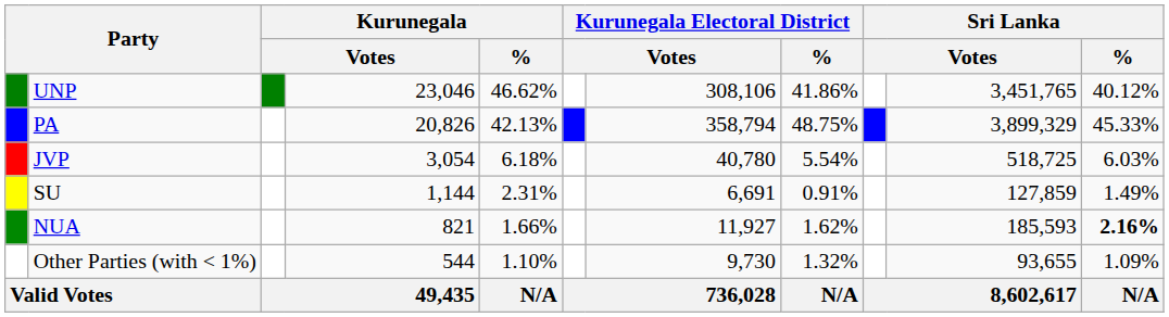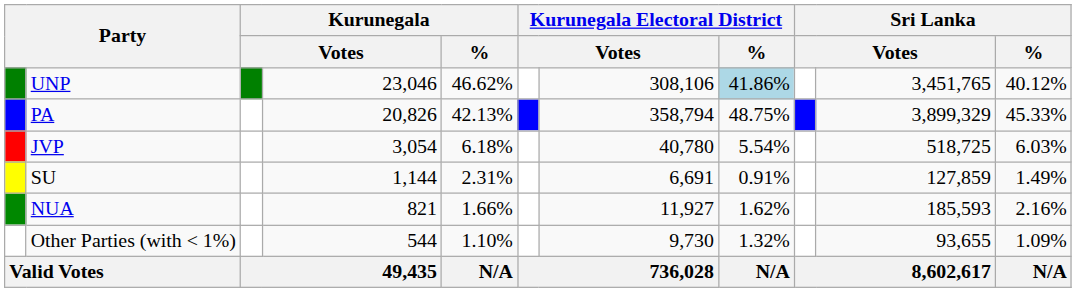 <table class="wikitable">
 <tr>
 <th colspan="2" width="144px"rowspan="2">Party</th>
 <th colspan="3" width="216px">Kurunegala</th>
 <th colspan="3" width="216px"><a href='#'>Kurunegala Electoral District</a></th>
 <th colspan="3" width="216px">Sri Lanka</th>
 </tr>
 <tr>
 <th colspan="2" width="144px">Votes</th>
 <th>%</th>
 <th colspan="2" width="144px">Votes</th>
 <th>%</th>
 <th colspan="2" width="144px">Votes</th>
 <th>%</th>
 </tr>
 <tr>
 <td style="background-color:green;" width="10px"></td>
 <td style="text-align:left;"><a href='#'>UNP</a></td>
 <td style="background-color:green;" width="10px"></td>
 <td style="text-align:right;">23,046</td>
 <td style="text-align:right;">46.62%</td>
 <td style="background-color:white;" width="10px"></td>
 <td style="text-align:right;">308,106</td>
-<td style="text-align:right;">41.86%</td>
+<td style="background: lightblue; text-align:right;">41.86%</td>
 <td style="background-color:white;" width="10px"></td>
 <td style="text-align:right;">3,451,765</td>
 <td style="text-align:right;">40.12%</td>
 </tr>
 <tr>
 <td style="background-color:blue;" width="10px"></td>
 <td style="text-align:left;"><a href='#'>PA</a></td>
 <td style="background-color:white;" width="10px"></td>
 <td style="text-align:right;">20,826</td>
 <td style="text-align:right;">42.13%</td>
 <td style="background-color:blue;" width="10px"></td>
 <td style="text-align:right;">358,794</td>
 <td style="text-align:right;">48.75%</td>
 <td style="background-color:blue;" width="10px"></td>
 <td style="text-align:right;">3,899,329</td>
 <td style="text-align:right;">45.33%</td>
 </tr>
 <tr>
 <td style="background-color:red;" width="10px"></td>
 <td style="text-align:left;"><a href='#'>JVP</a></td>
 <td style="background-color:white;" width="10px"></td>
 <td style="text-align:right;">3,054</td>
 <td style="text-align:right;">6.18%</td>
 <td style="background-color:white;" width="10px"></td>
 <td style="text-align:right;">40,780</td>
 <td style="text-align:right;">5.54%</td>
 <td style="background-color:white;" width="10px"></td>
 <td style="text-align:right;">518,725</td>
 <td style="text-align:right;">6.03%</td>
 </tr>
 <tr>
 <td style="background-color:yellow;" width="10px"></td>
 <td style="text-align:left;">SU</td>
 <td style="background-color:white;" width="10px"></td>
 <td style="text-align:right;">1,144</td>
 <td style="text-align:right;">2.31%</td>
 <td style="background-color:white;" width="10px"></td>
 <td style="text-align:right;">6,691</td>
 <td style="text-align:right;">0.91%</td>
 <td style="background-color:white;" width="10px"></td>
 <td style="text-align:right;">127,859</td>
 <td style="text-align:right;">1.49%</td>
 </tr>
 <tr>
 <td style="background-color:#008800;" width="10px"></td>
 <td style="text-align:left;"><a href='#'>NUA</a></td>
 <td style="background-color:white;" width="10px"></td>
 <td style="text-align:right;">821</td>
 <td style="text-align:right;">1.66%</td>
 <td style="background-color:white;" width="10px"></td>
 <td style="text-align:right;">11,927</td>
 <td style="text-align:right;">1.62%</td>
 <td style="background-color:white;" width="10px"></td>
 <td style="text-align:right;">185,593</td>
-<td style="text-align:right;"><strong>2.16%</strong></td>
+<td style="text-align:right;">2.16%</td>
 </tr>
 <tr>
 <td style="background-color:white;" width="10px"></td>
 <td style="text-align:left;">Other Parties (with < 1%)</td>
 <td style="background-color:white;" width="10px"></td>
 <td style="text-align:right;">544</td>
 <td style="text-align:right;">1.10%</td>
 <td style="background-color:white;" width="10px"></td>
 <td style="text-align:right;">9,730</td>
 <td style="text-align:right;">1.32%</td>
 <td style="background-color:white;" width="10px"></td>
 <td style="text-align:right;">93,655</td>
 <td style="text-align:right;">1.09%</td>
 </tr>
 <tr>
 <th colspan="2" width="144px"style="text-align:left;">Valid Votes</th>
 <th style="text-align:right;"colspan="2" width="144px">49,435</th>
 <th style="text-align:right;">N/A</th>
 <th style="text-align:right;"colspan="2" width="144px">736,028</th>
 <th style="text-align:right;">N/A</th>
 <th style="text-align:right;"colspan="2" width="144px">8,602,617</th>
 <th style="text-align:right;">N/A</th>
 </tr>
 </table>
